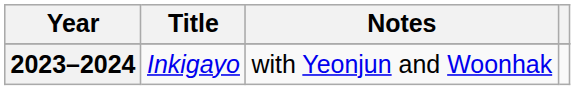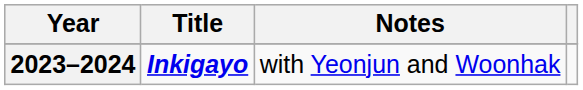 <table class="wikitable plainrowheaders">
 <tr>
 <th scope="col">Year</th>
 <th scope="col">Title</th>
 <th scope="col">Notes</th>
 <th scope="col" class="unsortable"></th>
 </tr>
 <tr>
 </tr>
 <tr>
 <th scope="row">2023–2024</th>
-<td><em><a href='#'>Inkigayo</a></em></td>
+<td><strong><em><a href='#'>Inkigayo</a></em></strong></td>
 <td>with <a href='#'>Yeonjun</a> and <a href='#'>Woonhak</a></td>
 <td></td>
 </tr>
 </table>
